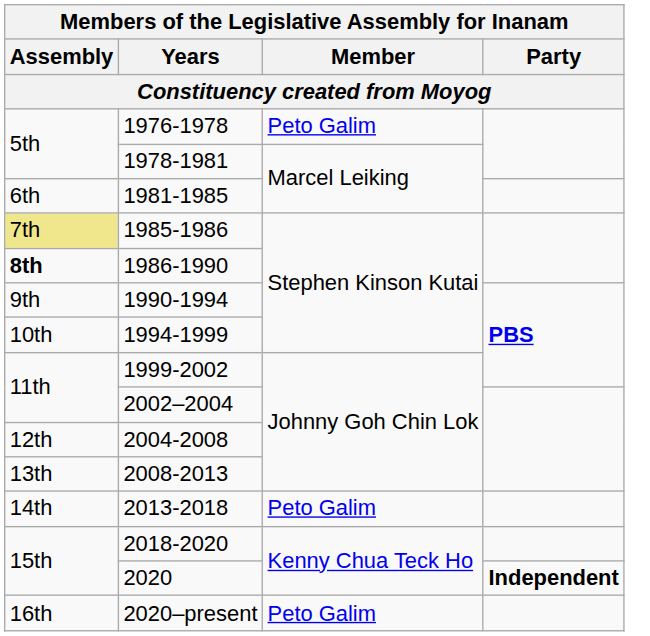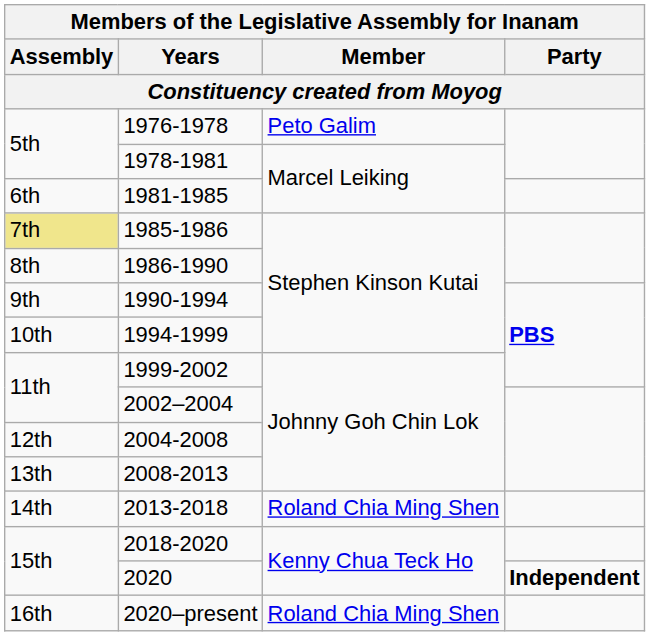 <table class="wikitable">
 <tr>
 <th colspan="4">Members of the Legislative Assembly for Inanam</th>
 </tr>
 <tr>
 <th>Assembly</th>
 <th>Years</th>
 <th>Member</th>
 <th>Party</th>
 </tr>
 <tr>
 <th colspan="4" align="center"><em>Constituency created from Moyog</em></th>
 </tr>
 <tr>
 <td rowspan="2">5th</td>
 <td>1976-1978</td>
 <td><a href='#'>Peto Galim</a></td>
 <td rowspan="2"></td>
 </tr>
 <tr>
 <td>1978-1981</td>
 <td rowspan="2">Marcel Leiking</td>
 </tr>
 <tr>
 <td>6th</td>
 <td>1981-1985</td>
 <td></td>
 </tr>
 <tr>
 <td style="background: khaki;">7th</td>
 <td>1985-1986</td>
 <td rowspan="4">Stephen Kinson Kutai</td>
 <td rowspan="2"></td>
 </tr>
 <tr>
-<td><strong>8th</strong></td>
+<td>8th</td>
 <td>1986-1990</td>
 </tr>
 <tr>
 <td>9th</td>
 <td>1990-1994</td>
 <td rowspan="3"><strong><a href='#'>PBS</a></strong></td>
 </tr>
 <tr>
 <td>10th</td>
 <td>1994-1999</td>
 </tr>
 <tr>
 <td rowspan=2>11th</td>
 <td>1999-2002</td>
 <td rowspan="4">Johnny Goh Chin Lok</td>
 </tr>
 <tr>
 <td>2002–2004</td>
 <td rowspan="3"></td>
 </tr>
 <tr>
 <td>12th</td>
 <td>2004-2008</td>
 </tr>
 <tr>
 <td>13th</td>
 <td>2008-2013</td>
 </tr>
 <tr>
 <td>14th</td>
 <td>2013-2018</td>
-<td><a href='#'>Peto Galim</a></td>
+<td><a href='#'>Roland Chia Ming Shen</a></td>
 <td></td>
 </tr>
 <tr>
 <td rowspan="2">15th</td>
 <td>2018-2020</td>
 <td rowspan="2"><a href='#'>Kenny Chua Teck Ho</a></td>
 <td></td>
 </tr>
 <tr>
 <td>2020</td>
 <td><strong>Independent</strong></td>
 </tr>
 <tr>
 <td>16th</td>
 <td>2020–present</td>
-<td><a href='#'>Peto Galim</a></td>
+<td><a href='#'>Roland Chia Ming Shen</a></td>
 <td></td>
 </tr>
 </table>
